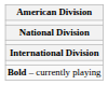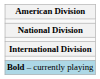 <table class="wikitable" style="margin:0 1.5em 1em; float:right; font-size:90%">
 <tr>
 <th>American Division</th>
 </tr>
 <tr>
 <td></td>
 </tr>
 <tr>
 <th>National Division</th>
 </tr>
 <tr>
 <td></td>
 </tr>
 <tr>
 <th>International Division</th>
 </tr>
 <tr>
 <td></td>
 </tr>
 <tr>
-<td><strong>Bold</strong> – currently playing</td>
+<td style="background: lightblue;"><strong>Bold</strong> – currently playing</td>
 </tr>
 </table>
